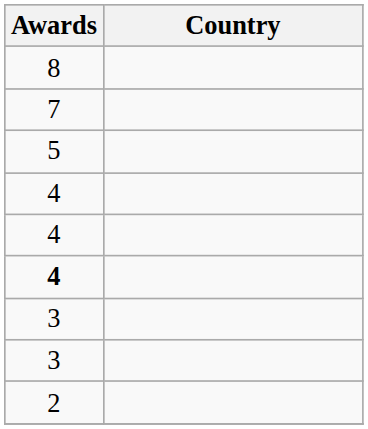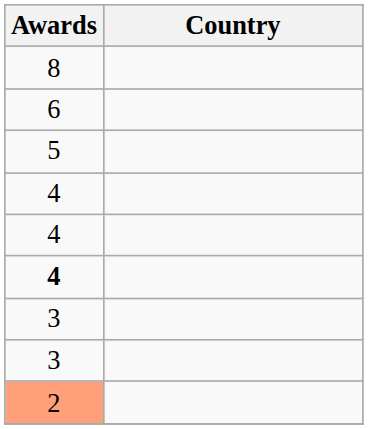 <table class="wikitable" style="text-align:center;">
 <tr>
 <th scope="col" width="50">Awards</th>
 <th scope="col" width="150">Country</th>
 </tr>
 <tr>
 <td>8</td>
 <td></td>
 </tr>
 <tr>
-<td>7</td>
+<td>6</td>
 <td></td>
 </tr>
 <tr>
 <td>5</td>
 <td></td>
 </tr>
 <tr>
 <td>4</td>
 <td></td>
 </tr>
 <tr>
 <td>4</td>
 <td></td>
 </tr>
 <tr>
 <td><strong>4</strong></td>
 <td></td>
 </tr>
 <tr>
 <td>3</td>
 <td></td>
 </tr>
 <tr>
 <td>3</td>
 <td></td>
 </tr>
 <tr>
-<td>2</td>
+<td style="background: lightsalmon;">2</td>
 <td></td>
 </tr>
 <tr>
 </tr>
 </table>
